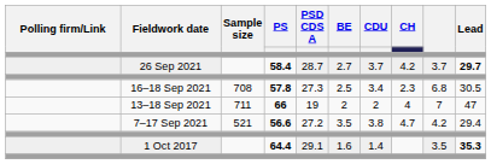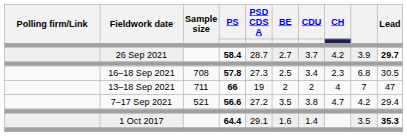 <table class="wikitable sortable mw-datatable" style="text-align:center;font-size:90%;line-height:16px;">
 <tr style="height:42px;">
 <th style="width:145px;" rowspan="2">Polling firm/Link</th>
 <th style="width:125px;" rowspan="2">Fieldwork date</th>
 <th class="unsortable" style="width:50px;" rowspan="2">Sample size</th>
 <th class="unsortable" style="width:35px;"><a href='#'>PS</a></th>
 <th class="unsortable" style="width:35px;"><a href='#'>PSD</a><br><a href='#'>CDS</a><br><a href='#'>A</a></th>
 <th class="unsortable" style="width:35px;"><a href='#'>BE</a></th>
 <th class="unsortable" style="width:35px;"><a href='#'>CDU</a></th>
 <th class="unsortable" style="width:35px;"><a href='#'>CH</a></th>
 <th class="unsortable" style="width:35px;" rowspan="2"></th>
 <th class="unsortable" style="width:30px;" rowspan="2">Lead</th>
 </tr>
 <tr>
 <th class="unsortable" style="color:inherit;background:"></th>
 <th class="unsortable" style="color:inherit;background:"></th>
 <th class="unsortable" style="color:inherit;background:"></th>
 <th class="unsortable" style="color:inherit;background:"></th>
 <th class="sortable" style="background:#202056;"></th>
 </tr>
 <tr>
 <td colspan="13" style="background:#A0A0A0"></td>
 </tr>
 <tr>
 <td style="background:#EFEFEF;"><strong></strong></td>
 <td style="background:#EFEFEF;" data-sort-value="2019-10-06">26 Sep 2021</td>
 <td></td>
 <td><strong>58.4</strong><br></td>
 <td style="background:#EFEFEF;">28.7<br></td>
 <td style="background:#EFEFEF;">2.7<br></td>
 <td style="background:#EFEFEF;">3.7<br></td>
 <td style="background:#EFEFEF;">4.2<br></td>
-<td style="background:#EFEFEF;">3.7</td>
+<td style="background:#EFEFEF;">3.9</td>
 <td style="background:"><strong>29.7</strong></td>
 </tr>
 <tr>
 <td colspan="13" style="background:#A0A0A0"></td>
 </tr>
 <tr>
 <td align="center"></td>
 <td align="center">16–18 Sep 2021</td>
 <td align="center">708</td>
 <td align="center" ><strong>57.8</strong></td>
 <td align="center">27.3</td>
 <td align="center">2.5</td>
 <td align="center">3.4</td>
 <td align="center">2.3</td>
 <td align="center">6.8</td>
 <td style="background:">30.5</td>
 </tr>
 <tr>
 <td align="center"></td>
 <td align="center">13–18 Sep 2021</td>
 <td align="center">711</td>
 <td align="center" ><strong>66</strong></td>
 <td align="center">19</td>
 <td align="center">2</td>
 <td align="center">2</td>
 <td align="center">4</td>
 <td align="center">7</td>
 <td style="background:">47</td>
 </tr>
 <tr>
 <td align="center"></td>
 <td align="center">7–17 Sep 2021</td>
 <td align="center">521</td>
 <td align="center" ><strong>56.6</strong></td>
 <td align="center">27.2</td>
 <td align="center">3.5</td>
 <td align="center">3.8</td>
 <td align="center">4.7</td>
 <td align="center">4.2</td>
 <td style="background:">29.4</td>
 </tr>
 <tr>
 <td colspan="13" style="background:#A0A0A0"></td>
 </tr>
 <tr>
 <td style="background:#EFEFEF;"><strong></strong></td>
 <td style="background:#EFEFEF;" data-sort-value="2019-10-06">1 Oct 2017</td>
 <td></td>
 <td><strong>64.4</strong><br></td>
 <td style="background:#EFEFEF;">29.1<br></td>
 <td style="background:#EFEFEF;">1.6<br></td>
 <td style="background:#EFEFEF;">1.4<br></td>
 <td></td>
 <td style="background:#EFEFEF;">3.5<br></td>
 <td style="background:"><strong>35.3</strong></td>
 </tr>
 <tr>
 <td colspan="13" style="background:#A0A0A0"></td>
 </tr>
 </table>
